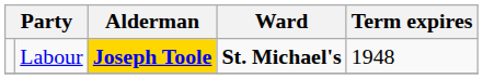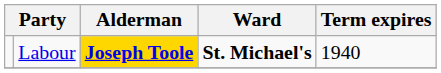 <table class="wikitable">
 <tr>
 <th colspan="2">Party</th>
 <th>Alderman</th>
 <th>Ward</th>
 <th>Term expires</th>
 </tr>
 <tr>
 <td style="background-color:"></td>
 <td><a href='#'>Labour</a></td>
 <td style="background: gold;"><strong><a href='#'>Joseph Toole</a></strong></td>
 <td><strong>St. Michael's</strong></td>
-<td>1948</td>
+<td>1940</td>
 </tr>
 <tr>
 </tr>
 </table>
